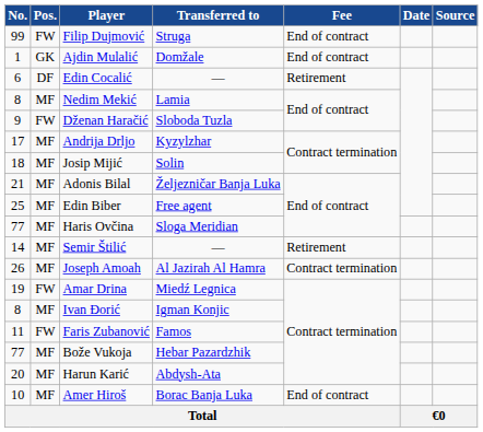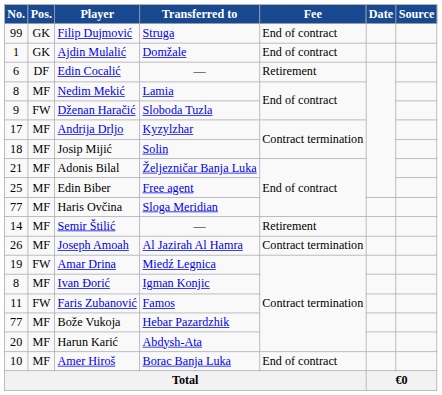 <table class="wikitable plainrowheaders sortable">
 <tr>
 <th style="background:#18488f; color:#FFFFFF; ">No.</th>
 <th style="background:#18488f; color:#FFFFFF; ">Pos.</th>
 <th style="background:#18488f; color:#FFFFFF; ">Player</th>
 <th style="background:#18488f; color:#FFFFFF; ">Transferred to</th>
 <th style="background:#18488f; color:#FFFFFF; ">Fee</th>
 <th style="background:#18488f; color:#FFFFFF; ">Date</th>
 <th style="background:#18488f; color:#FFFFFF; ">Source</th>
 </tr>
 <tr>
 <td align=center>99</td>
-<td align=center>FW</td>
+<td align=center>GK</td>
 <td> <a href='#'>Filip Dujmović</a></td>
 <td> <a href='#'>Struga</a></td>
 <td>End of contract</td>
 <td></td>
 <td align=center></td>
 </tr>
 <tr>
 <td align=center>1</td>
 <td align=center>GK</td>
 <td> <a href='#'>Ajdin Mulalić</a></td>
 <td> <a href='#'>Domžale</a></td>
 <td>End of contract</td>
 <td></td>
 <td align=center></td>
 </tr>
 <tr>
 <td align=center>6</td>
 <td align=center>DF</td>
 <td> <a href='#'>Edin Cocalić</a></td>
 <td align=center>—</td>
 <td>Retirement</td>
 <td rowspan=7></td>
 <td align=center></td>
 </tr>
 <tr>
 <td align=center>8</td>
 <td align=center>MF</td>
 <td> <a href='#'>Nedim Mekić</a></td>
 <td> <a href='#'>Lamia</a></td>
 <td rowspan=2>End of contract</td>
 <td align=center></td>
 </tr>
 <tr>
 <td align=center>9</td>
 <td align=center>FW</td>
 <td> <a href='#'>Dženan Haračić</a></td>
 <td><a href='#'>Sloboda Tuzla</a></td>
 <td align=center></td>
 </tr>
 <tr>
 <td align=center>17</td>
 <td align=center>MF</td>
 <td> <a href='#'>Andrija Drljo</a></td>
 <td> <a href='#'>Kyzylzhar</a></td>
 <td rowspan=2>Contract termination</td>
 <td align=center></td>
 </tr>
 <tr>
 <td align=center>18</td>
 <td align=center>MF</td>
 <td> Josip Mijić</td>
 <td> <a href='#'>Solin</a></td>
 <td align=center></td>
 </tr>
 <tr>
 <td align=center>21</td>
 <td align=center>MF</td>
 <td> Adonis Bilal</td>
 <td><a href='#'>Željezničar Banja Luka</a></td>
 <td rowspan=3>End of contract</td>
 <td align=center></td>
 </tr>
 <tr>
 <td align=center>25</td>
 <td align=center>MF</td>
 <td> Edin Biber</td>
 <td><a href='#'>Free agent</a></td>
 <td align=center></td>
 </tr>
 <tr>
 <td align=center>77</td>
 <td align=center>MF</td>
 <td> Haris Ovčina</td>
 <td><a href='#'>Sloga Meridian</a></td>
 <td></td>
 <td align=center></td>
 </tr>
 <tr>
 <td align=center>14</td>
 <td align=center>MF</td>
 <td> <a href='#'>Semir Štilić</a></td>
 <td align=center>—</td>
 <td>Retirement</td>
 <td></td>
 <td align=center></td>
 </tr>
 <tr>
 <td align=center>26</td>
 <td align=center>MF</td>
 <td> <a href='#'>Joseph Amoah</a></td>
 <td> <a href='#'>Al Jazirah Al Hamra</a></td>
 <td>Contract termination</td>
 <td></td>
 <td align=center></td>
 </tr>
 <tr>
 <td align=center>19</td>
 <td align=center>FW</td>
 <td> <a href='#'>Amar Drina</a></td>
 <td> <a href='#'>Miedź Legnica</a></td>
 <td rowspan=5>Contract termination</td>
 <td></td>
 <td align=center></td>
 </tr>
 <tr>
 <td align=center>8</td>
 <td align=center>MF</td>
 <td> <a href='#'>Ivan Đorić</a></td>
 <td><a href='#'>Igman Konjic</a></td>
 <td></td>
 <td align=center></td>
 </tr>
 <tr>
 <td align=center>11</td>
 <td align=center>FW</td>
 <td> <a href='#'>Faris Zubanović</a></td>
 <td><a href='#'>Famos</a></td>
 <td></td>
 <td align=center></td>
 </tr>
 <tr>
 <td align=center>77</td>
 <td align=center>MF</td>
 <td> Bože Vukoja</td>
 <td> <a href='#'>Hebar Pazardzhik</a></td>
 <td></td>
 <td align=center></td>
 </tr>
 <tr>
 <td align=center>20</td>
 <td align=center>MF</td>
 <td> Harun Karić</td>
 <td> <a href='#'>Abdysh-Ata</a></td>
 <td></td>
 <td align=center></td>
 </tr>
 <tr>
 <td align=center>10</td>
 <td align=center>MF</td>
 <td> <a href='#'>Amer Hiroš</a></td>
 <td><a href='#'>Borac Banja Luka</a></td>
 <td>End of contract</td>
 <td></td>
 <td align=center></td>
 </tr>
 <tr>
 <th colspan="5">Total</th>
 <th colspan="2">€0</th>
 </tr>
 </table>
